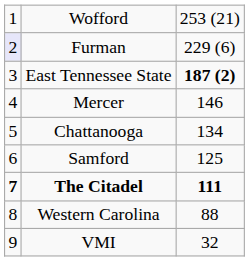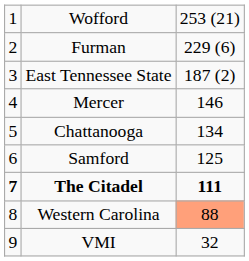 <table class="wikitable" style="display: inline-table;">
 <tr align="center">
 <td>1</td>
 <td>Wofford</td>
 <td>253 (21)</td>
 </tr>
 <tr align="center">
-<td style="background: lavender;">2</td>
+<td>2</td>
 <td>Furman</td>
 <td>229 (6)</td>
 </tr>
 <tr align="center">
 <td>3</td>
 <td>East Tennessee State</td>
-<td><strong>187 (2)</strong></td>
+<td>187 (2)</td>
 </tr>
 <tr align="center">
 <td>4</td>
 <td>Mercer</td>
 <td>146</td>
 </tr>
 <tr align="center">
 <td>5</td>
 <td>Chattanooga</td>
 <td>134</td>
 </tr>
 <tr align="center">
 <td>6</td>
 <td>Samford</td>
 <td>125</td>
 </tr>
 <tr align="center">
 <td><strong>7</strong></td>
 <td><strong>The Citadel</strong></td>
 <td><strong>111</strong></td>
 </tr>
 <tr align="center">
 <td>8</td>
 <td>Western Carolina</td>
-<td>88</td>
+<td style="background: lightsalmon;">88</td>
 </tr>
 <tr align="center">
 <td>9</td>
 <td>VMI</td>
 <td>32</td>
 </tr>
 </table>
